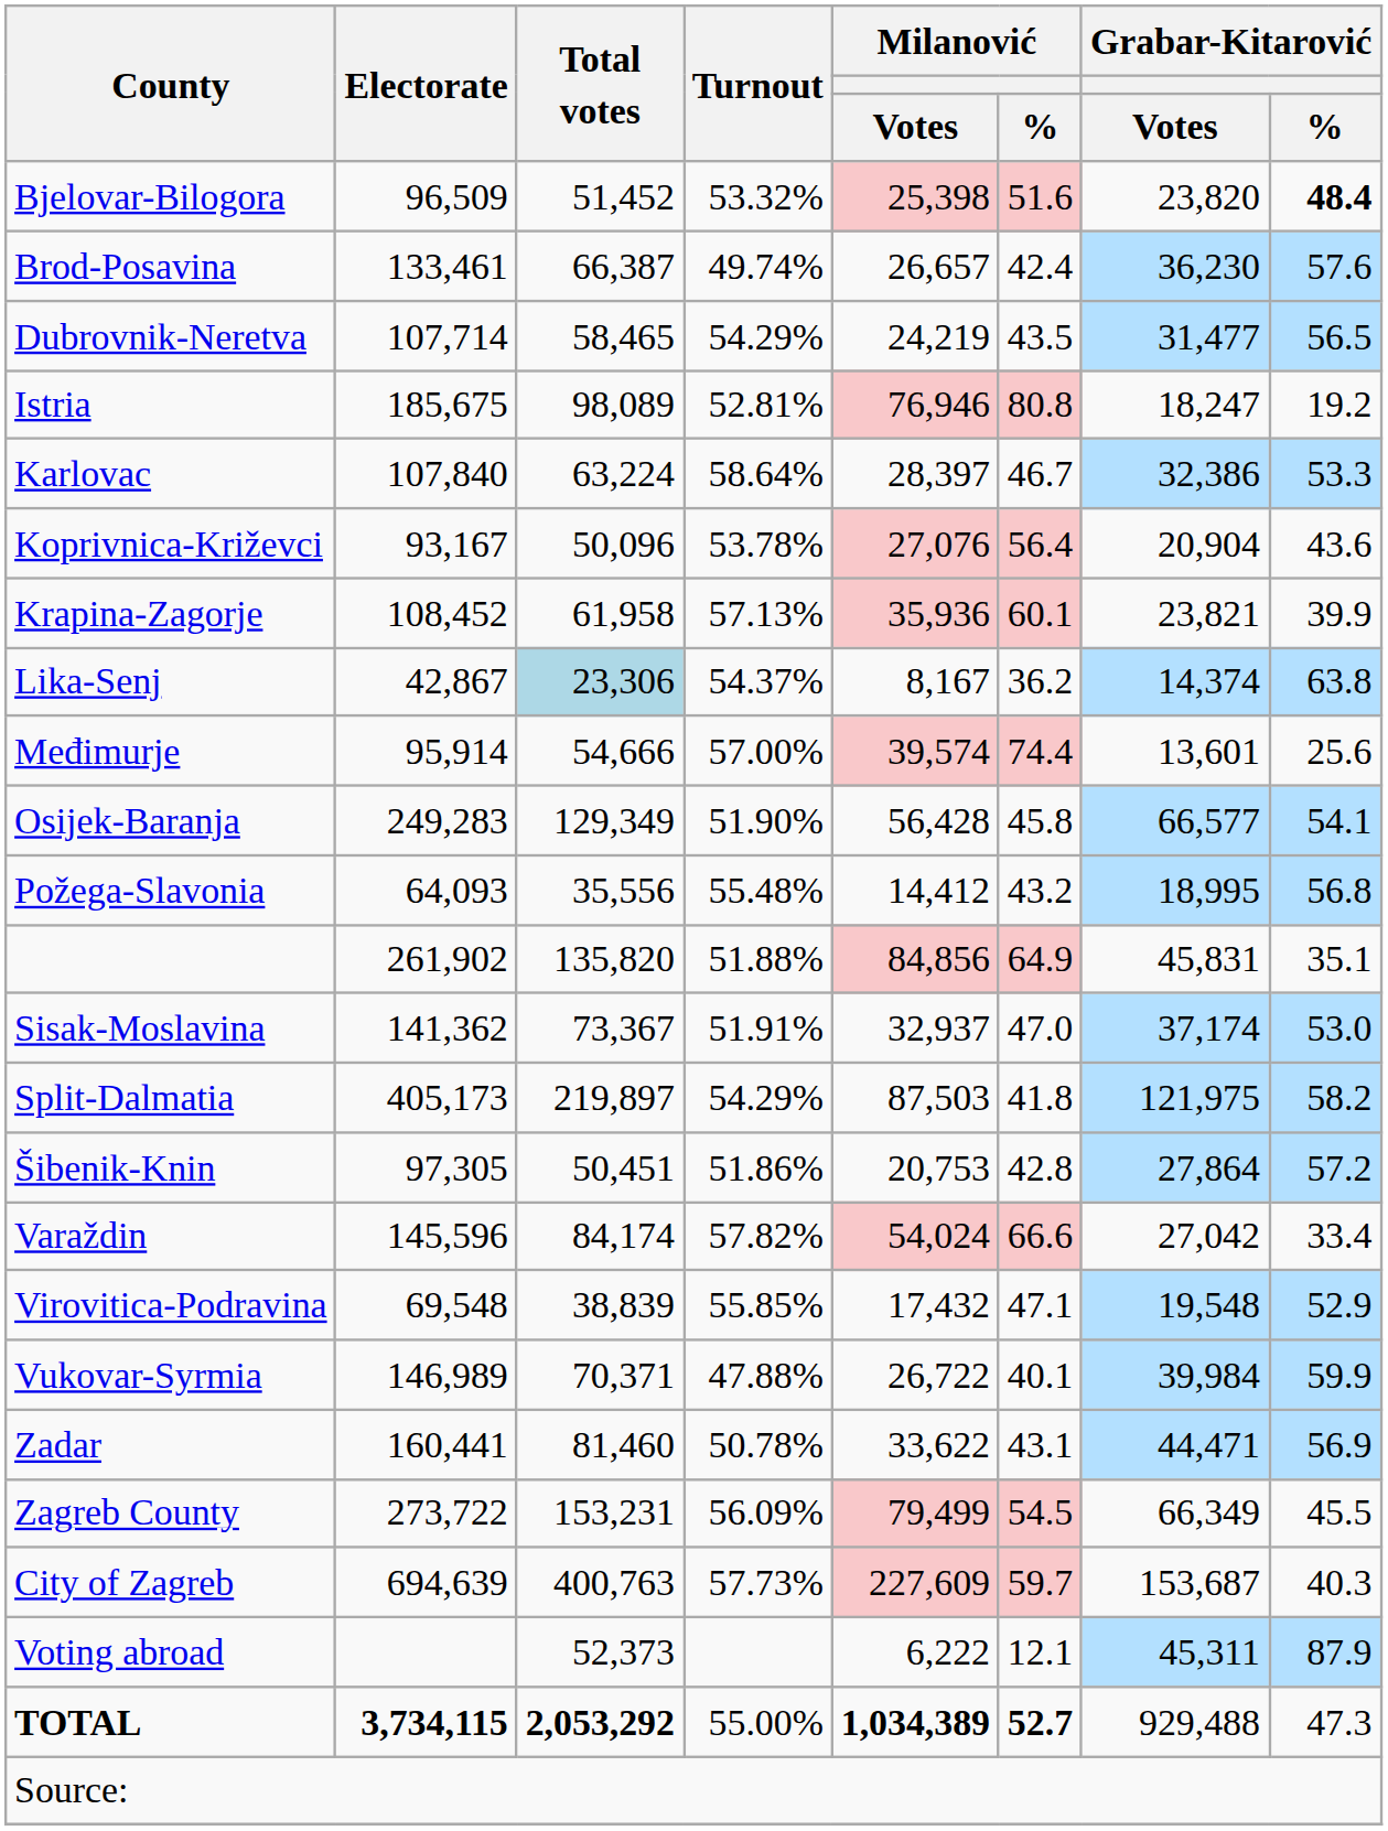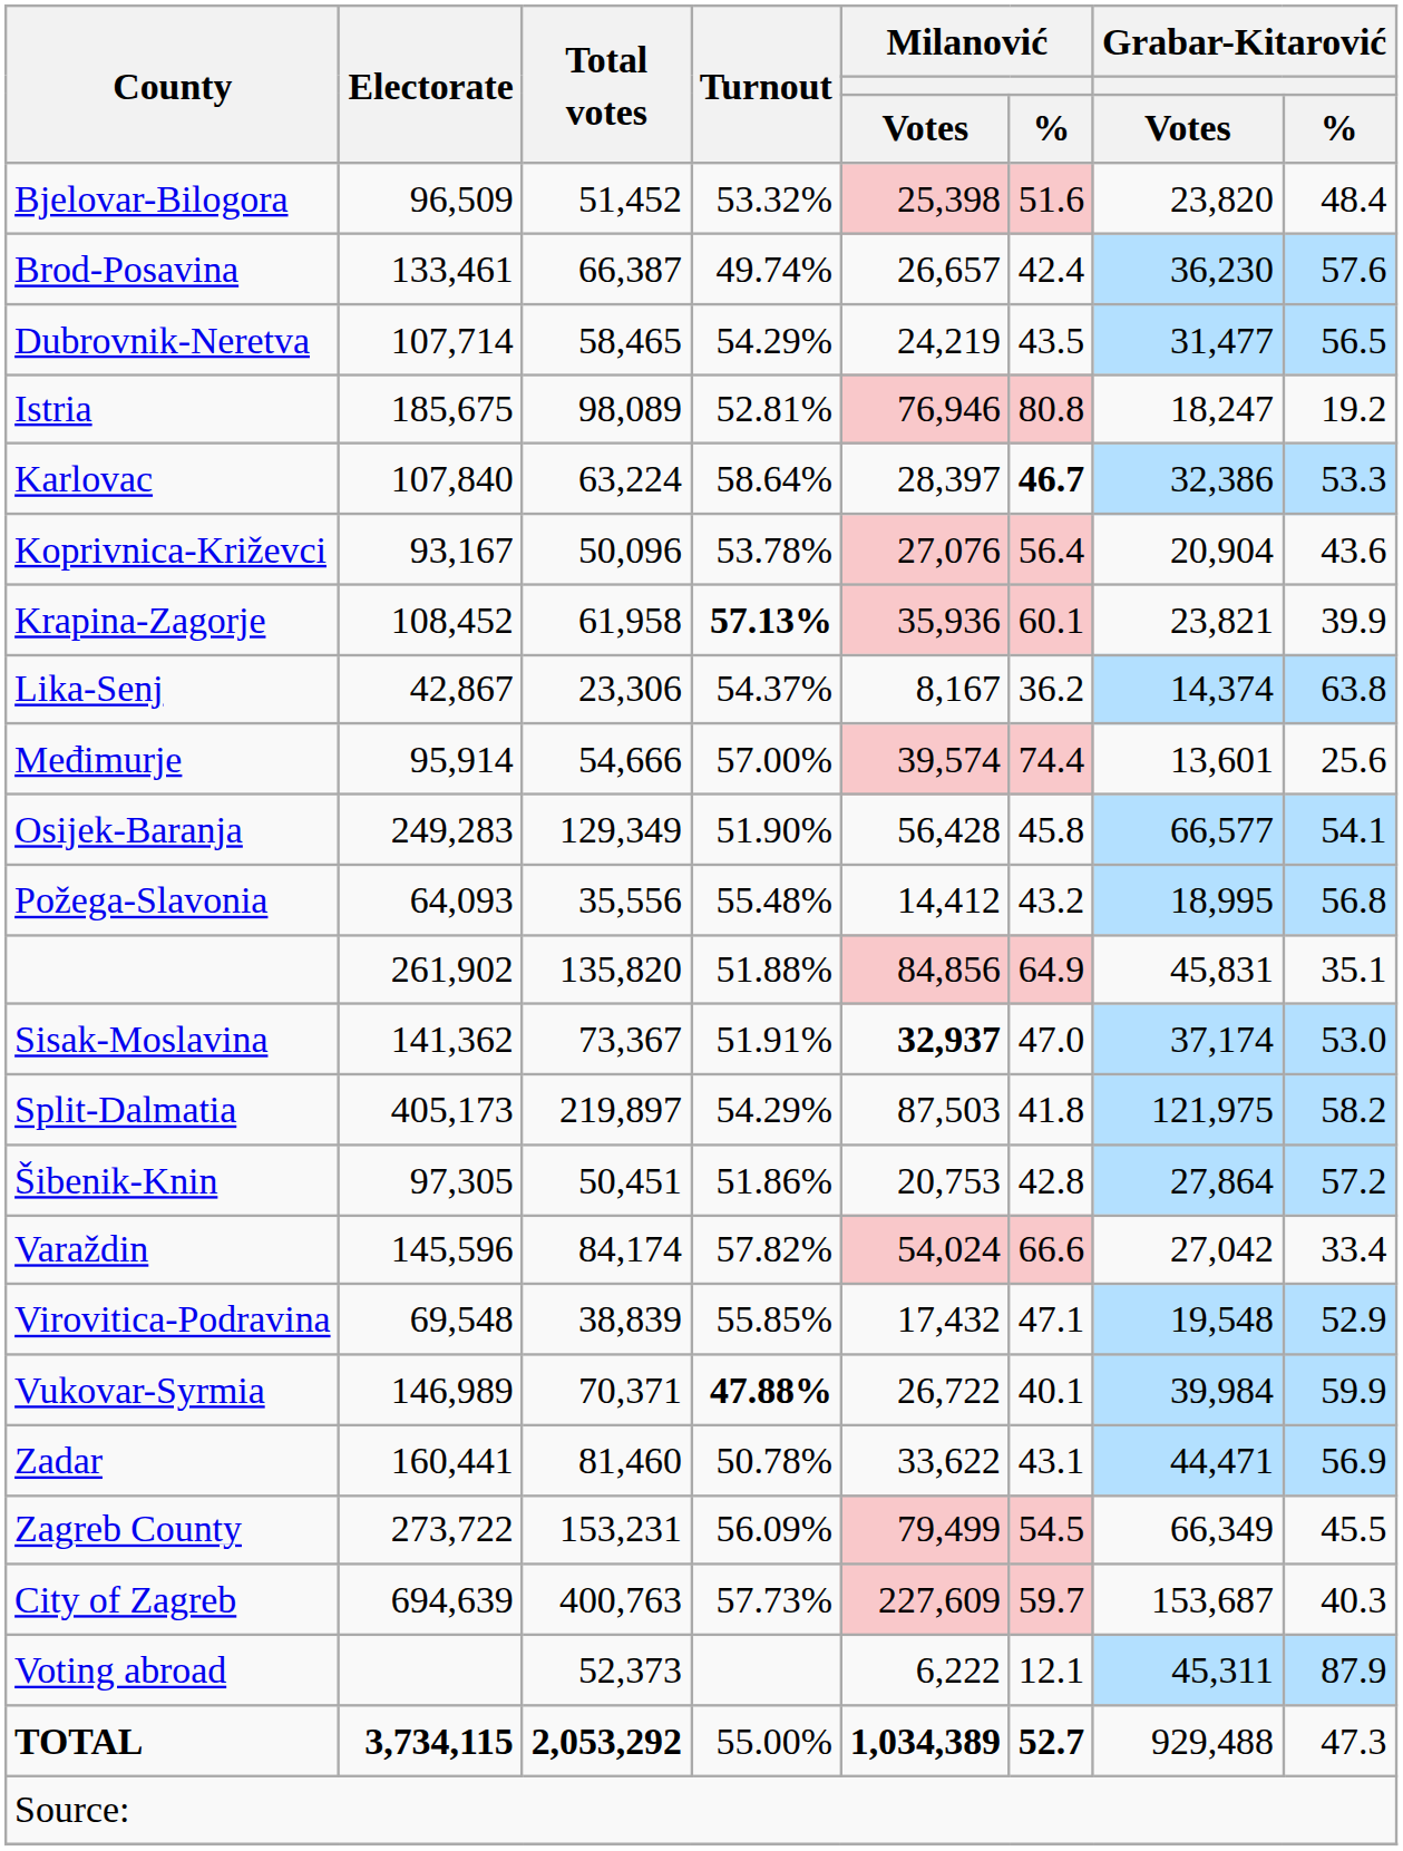 <table class="wikitable sortable" style="font-size:90%; line-height:20px">
 <tr>
 <th rowspan=3>County</th>
 <th rowspan=3>Electorate</th>
 <th rowspan=3>Total<br>votes</th>
 <th rowspan=3>Turnout</th>
 <th colspan=2>Milanović</th>
 <th colspan=2>Grabar-Kitarović</th>
 </tr>
 <tr>
 <th colspan=2 style="background:"></th>
 <th colspan=2 style="background:"></th>
 </tr>
 <tr>
 <th>Votes</th>
 <th>%</th>
 <th>Votes</th>
 <th>%</th>
 </tr>
 <tr align=right>
 <td align=left><a href='#'>Bjelovar-Bilogora</a></td>
 <td>96,509</td>
 <td>51,452</td>
 <td>53.32%</td>
 <td style="background:#F9C8CA;">25,398</td>
 <td style="background:#F9C8CA;">51.6</td>
 <td>23,820</td>
-<td><strong>48.4</strong></td>
+<td>48.4</td>
 </tr>
 <tr align=right>
 <td align=left><a href='#'>Brod-Posavina</a></td>
 <td>133,461</td>
 <td>66,387</td>
 <td>49.74%</td>
 <td>26,657</td>
 <td>42.4</td>
 <td style="background:#B3E0FF;">36,230</td>
 <td style="background:#B3E0FF;">57.6</td>
 </tr>
 <tr align=right>
 <td align=left><a href='#'>Dubrovnik-Neretva</a></td>
 <td>107,714</td>
 <td>58,465</td>
 <td>54.29%</td>
 <td>24,219</td>
 <td>43.5</td>
 <td style="background:#B3E0FF;">31,477</td>
 <td style="background:#B3E0FF;">56.5</td>
 </tr>
 <tr align=right>
 <td align=left><a href='#'>Istria</a></td>
 <td>185,675</td>
 <td>98,089</td>
 <td>52.81%</td>
 <td style="background:#F9C8CA;">76,946</td>
 <td style="background:#F9C8CA;">80.8</td>
 <td>18,247</td>
 <td>19.2</td>
 </tr>
 <tr align=right>
 <td align=left><a href='#'>Karlovac</a></td>
 <td>107,840</td>
 <td>63,224</td>
 <td>58.64%</td>
 <td>28,397</td>
-<td>46.7</td>
+<td><strong>46.7</strong></td>
 <td style="background:#B3E0FF;">32,386</td>
 <td style="background:#B3E0FF;">53.3</td>
 </tr>
 <tr align=right>
 <td align=left><a href='#'>Koprivnica-Križevci</a></td>
 <td>93,167</td>
 <td>50,096</td>
 <td>53.78%</td>
 <td style="background:#F9C8CA;">27,076</td>
 <td style="background:#F9C8CA;">56.4</td>
 <td>20,904</td>
 <td>43.6</td>
 </tr>
 <tr align=right>
 <td align=left><a href='#'>Krapina-Zagorje</a></td>
 <td>108,452</td>
 <td>61,958</td>
-<td>57.13%</td>
+<td><strong>57.13%</strong></td>
 <td style="background:#F9C8CA;">35,936</td>
 <td style="background:#F9C8CA;">60.1</td>
 <td>23,821</td>
 <td>39.9</td>
 </tr>
 <tr align=right>
 <td align=left><a href='#'>Lika-Senj</a></td>
 <td>42,867</td>
-<td style="background: lightblue;">23,306</td>
+<td>23,306</td>
 <td>54.37%</td>
 <td>8,167</td>
 <td>36.2</td>
 <td style="background:#B3E0FF;">14,374</td>
 <td style="background:#B3E0FF;">63.8</td>
 </tr>
 <tr align=right>
 <td align=left><a href='#'>Međimurje</a></td>
 <td>95,914</td>
 <td>54,666</td>
 <td>57.00%</td>
 <td style="background:#F9C8CA;">39,574</td>
 <td style="background:#F9C8CA;">74.4</td>
 <td>13,601</td>
 <td>25.6</td>
 </tr>
 <tr align=right>
 <td align=left><a href='#'>Osijek-Baranja</a></td>
 <td>249,283</td>
 <td>129,349</td>
 <td>51.90%</td>
 <td>56,428</td>
 <td>45.8</td>
 <td style="background:#B3E0FF;">66,577</td>
 <td style="background:#B3E0FF;">54.1</td>
 </tr>
 <tr align=right>
 <td align=left><a href='#'>Požega-Slavonia</a></td>
 <td>64,093</td>
 <td>35,556</td>
 <td>55.48%</td>
 <td>14,412</td>
 <td>43.2</td>
 <td style="background:#B3E0FF;">18,995</td>
 <td style="background:#B3E0FF;">56.8</td>
 </tr>
 <tr align=right>
 <td align=left></td>
 <td>261,902</td>
 <td>135,820</td>
 <td>51.88%</td>
 <td style="background:#F9C8CA;">84,856</td>
 <td style="background:#F9C8CA;">64.9</td>
 <td>45,831</td>
 <td>35.1</td>
 </tr>
 <tr align=right>
 <td align=left><a href='#'>Sisak-Moslavina</a></td>
 <td>141,362</td>
 <td>73,367</td>
 <td>51.91%</td>
-<td>32,937</td>
+<td><strong>32,937</strong></td>
 <td>47.0</td>
 <td style="background:#B3E0FF;">37,174</td>
 <td style="background:#B3E0FF;">53.0</td>
 </tr>
 <tr align=right>
 <td align=left><a href='#'>Split-Dalmatia</a></td>
 <td>405,173</td>
 <td>219,897</td>
 <td>54.29%</td>
 <td>87,503</td>
 <td>41.8</td>
 <td style="background:#B3E0FF;">121,975</td>
 <td style="background:#B3E0FF;">58.2</td>
 </tr>
 <tr align=right>
 <td align=left><a href='#'>Šibenik-Knin</a></td>
 <td>97,305</td>
 <td>50,451</td>
 <td>51.86%</td>
 <td>20,753</td>
 <td>42.8</td>
 <td style="background:#B3E0FF;">27,864</td>
 <td style="background:#B3E0FF;">57.2</td>
 </tr>
 <tr align=right>
 <td align=left><a href='#'>Varaždin</a></td>
 <td>145,596</td>
 <td>84,174</td>
 <td>57.82%</td>
 <td style="background:#F9C8CA;">54,024</td>
 <td style="background:#F9C8CA;">66.6</td>
 <td>27,042</td>
 <td>33.4</td>
 </tr>
 <tr align=right>
 <td align=left><a href='#'>Virovitica-Podravina</a></td>
 <td>69,548</td>
 <td>38,839</td>
 <td>55.85%</td>
 <td>17,432</td>
 <td>47.1</td>
 <td style="background:#B3E0FF;">19,548</td>
 <td style="background:#B3E0FF;">52.9</td>
 </tr>
 <tr align=right>
 <td align=left><a href='#'>Vukovar-Syrmia</a></td>
 <td>146,989</td>
 <td>70,371</td>
-<td>47.88%</td>
+<td><strong>47.88%</strong></td>
 <td>26,722</td>
 <td>40.1</td>
 <td style="background:#B3E0FF;">39,984</td>
 <td style="background:#B3E0FF;">59.9</td>
 </tr>
 <tr align=right>
 <td align=left><a href='#'>Zadar</a></td>
 <td>160,441</td>
 <td>81,460</td>
 <td>50.78%</td>
 <td>33,622</td>
 <td>43.1</td>
 <td style="background:#B3E0FF;">44,471</td>
 <td style="background:#B3E0FF;">56.9</td>
 </tr>
 <tr align=right>
 <td align=left><a href='#'>Zagreb County</a></td>
 <td>273,722</td>
 <td>153,231</td>
 <td>56.09%</td>
 <td style="background:#F9C8CA;">79,499</td>
 <td style="background:#F9C8CA;">54.5</td>
 <td>66,349</td>
 <td>45.5</td>
 </tr>
 <tr align=right>
 <td align=left><a href='#'>City of Zagreb</a></td>
 <td>694,639</td>
 <td>400,763</td>
 <td>57.73%</td>
 <td style="background:#F9C8CA;">227,609</td>
 <td style="background:#F9C8CA;">59.7</td>
 <td>153,687</td>
 <td>40.3</td>
 </tr>
 <tr align=right>
 <td align=left><a href='#'>Voting abroad</a></td>
 <td></td>
 <td>52,373</td>
 <td></td>
 <td>6,222</td>
 <td>12.1</td>
 <td style="background:#B3E0FF;">45,311</td>
 <td style="background:#B3E0FF;">87.9</td>
 </tr>
 <tr align=right +>
 <td align=left><strong>TOTAL</strong></td>
 <td><strong>3,734,115</strong></td>
 <td><strong>2,053,292</strong></td>
 <td>55.00%</td>
 <td><strong>1,034,389</strong></td>
 <td><strong>52.7</strong></td>
 <td>929,488</td>
 <td>47.3</td>
 </tr>
 <tr class="sortbottom">
 <td colspan=26>Source: </td>
 </tr>
 <tr>
 </tr>
 </table>
